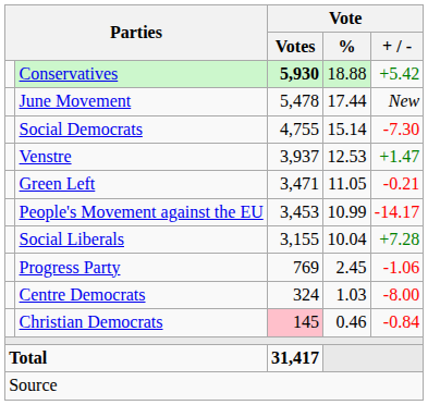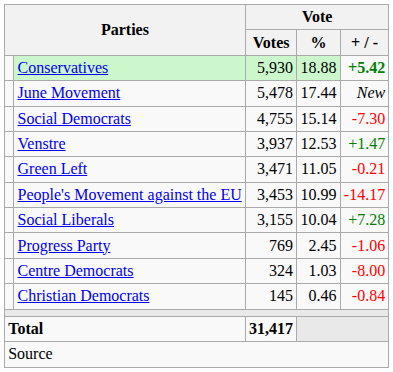 <table class="wikitable" style="text-align:right;">
 <tr>
 <th style="text-align:centre;" rowspan="2" colspan="2" width="225">Parties</th>
 <th colspan="3">Vote</th>
 </tr>
 <tr>
 <th width="15">Votes</th>
 <th width="15">%</th>
 <th width="15">+ / -</th>
 </tr>
 <tr>
 <td width="2" style="color:inherit;background:"></td>
 <td bgcolor=#ccf7cc   align="left"><a href='#'>Conservatives</a></td>
-<td bgcolor=#ccf7cc><strong>5,930</strong></td>
+<td bgcolor=#ccf7cc>5,930</td>
 <td bgcolor=#ccf7cc>18.88</td>
-<td style=color:green;>+5.42</td>
+<td style=color:green;><strong>+5.42</strong></td>
 </tr>
 <tr>
 <td width="2" style="color:inherit;background:"></td>
 <td align="left"><a href='#'>June Movement</a></td>
 <td>5,478</td>
 <td>17.44</td>
 <td><em>New</em></td>
 </tr>
 <tr>
 <td width="2" style="color:inherit;background:"></td>
 <td align="left"><a href='#'>Social Democrats</a></td>
 <td>4,755</td>
 <td>15.14</td>
 <td style=color:red;>-7.30</td>
 </tr>
 <tr>
 <td width="2" style="color:inherit;background:"></td>
 <td align="left"><a href='#'>Venstre</a></td>
 <td>3,937</td>
 <td>12.53</td>
 <td style=color:green;>+1.47</td>
 </tr>
 <tr>
 <td width="2" style="color:inherit;background:"></td>
 <td align="left"><a href='#'>Green Left</a></td>
 <td>3,471</td>
 <td>11.05</td>
 <td style=color:red;>-0.21</td>
 </tr>
 <tr>
 <td width="2" style="color:inherit;background:"></td>
 <td align="left"><a href='#'>People's Movement against the EU</a></td>
 <td>3,453</td>
 <td>10.99</td>
 <td style=color:red;>-14.17</td>
 </tr>
 <tr>
 <td width="2" style="color:inherit;background:"></td>
 <td align="left"><a href='#'>Social Liberals</a></td>
 <td>3,155</td>
 <td>10.04</td>
 <td style=color:green;>+7.28</td>
 </tr>
 <tr>
 <td width="2" style="color:inherit;background:"></td>
 <td align="left"><a href='#'>Progress Party</a></td>
 <td>769</td>
 <td>2.45</td>
 <td style=color:red;>-1.06</td>
 </tr>
 <tr>
 <td width="2" style="color:inherit;background:"></td>
 <td align="left"><a href='#'>Centre Democrats</a></td>
 <td>324</td>
 <td>1.03</td>
 <td style=color:red;>-8.00</td>
 </tr>
 <tr>
 <td width="2" style="color:inherit;background:"></td>
 <td align="left"><a href='#'>Christian Democrats</a></td>
-<td style="background: pink;">145</td>
+<td>145</td>
 <td>0.46</td>
 <td style=color:red;>-0.84</td>
 </tr>
 <tr>
 <td colspan="7" bgcolor="#E9E9E9"></td>
 </tr>
 <tr>
 <td align="left" colspan="2"><strong>Total</strong></td>
 <td><strong>31,417</strong></td>
 <td bgcolor="#E9E9E9" colspan="2"></td>
 </tr>
 <tr>
 <td align="left" colspan="6">Source</td>
 </tr>
 </table>
